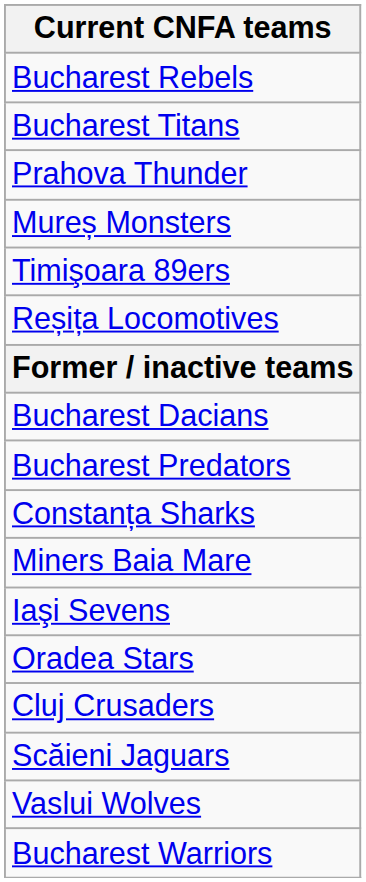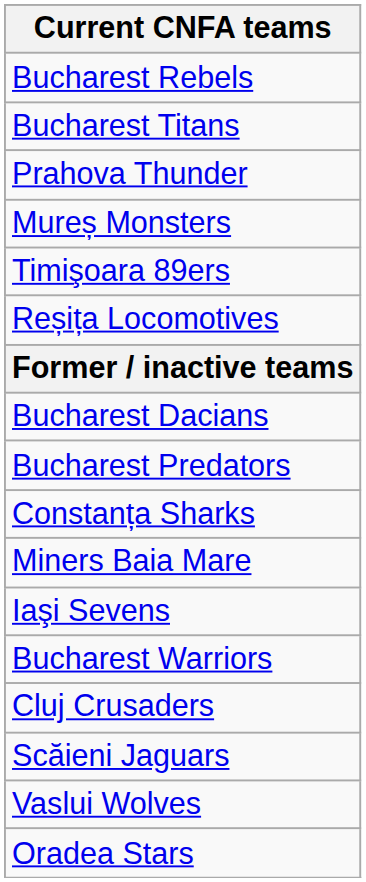 <table class="wikitable">
 <tr>
 <th>Current CNFA teams</th>
 </tr>
 <tr>
 <td><a href='#'>Bucharest Rebels</a></td>
 </tr>
 <tr>
 <td><a href='#'>Bucharest Titans</a></td>
 </tr>
 <tr>
 <td><a href='#'>Prahova Thunder</a></td>
 </tr>
 <tr>
 <td><a href='#'>Mureș Monsters</a></td>
 </tr>
 <tr>
 <td><a href='#'>Timişoara 89ers</a></td>
 </tr>
 <tr>
 <td><a href='#'>Reșița Locomotives</a></td>
 </tr>
 <tr>
 <th>Former / inactive teams</th>
 </tr>
 <tr>
 <td><a href='#'>Bucharest Dacians</a></td>
 </tr>
 <tr>
 <td><a href='#'>Bucharest Predators</a></td>
 </tr>
 <tr>
 <td><a href='#'>Constanța Sharks</a></td>
 </tr>
 <tr>
 <td><a href='#'>Miners Baia Mare</a></td>
 </tr>
 <tr>
 <td><a href='#'>Iaşi Sevens</a></td>
 </tr>
 <tr>
-<td><a href='#'>Oradea Stars</a></td>
+<td><a href='#'>Bucharest Warriors</a></td>
 </tr>
 <tr>
 <td><a href='#'>Cluj Crusaders</a></td>
 </tr>
 <tr>
 <td><a href='#'>Scăieni Jaguars</a></td>
 </tr>
 <tr>
 <td><a href='#'>Vaslui Wolves</a></td>
 </tr>
 <tr>
-<td><a href='#'>Bucharest Warriors</a></td>
+<td><a href='#'>Oradea Stars</a></td>
 </tr>
 <tr>
 </tr>
 </table>
